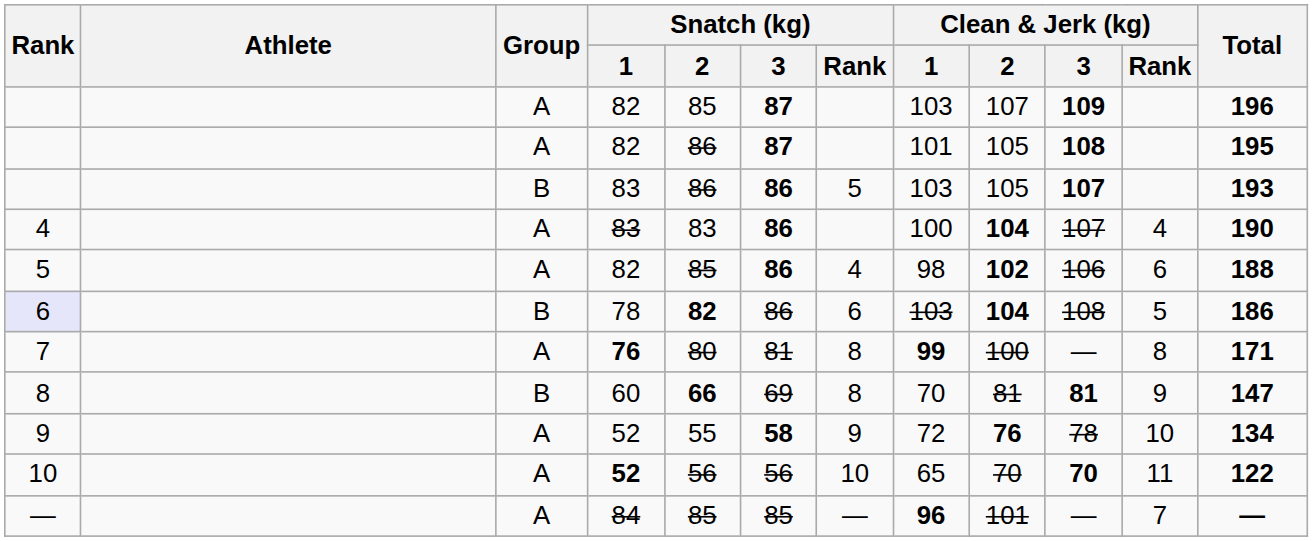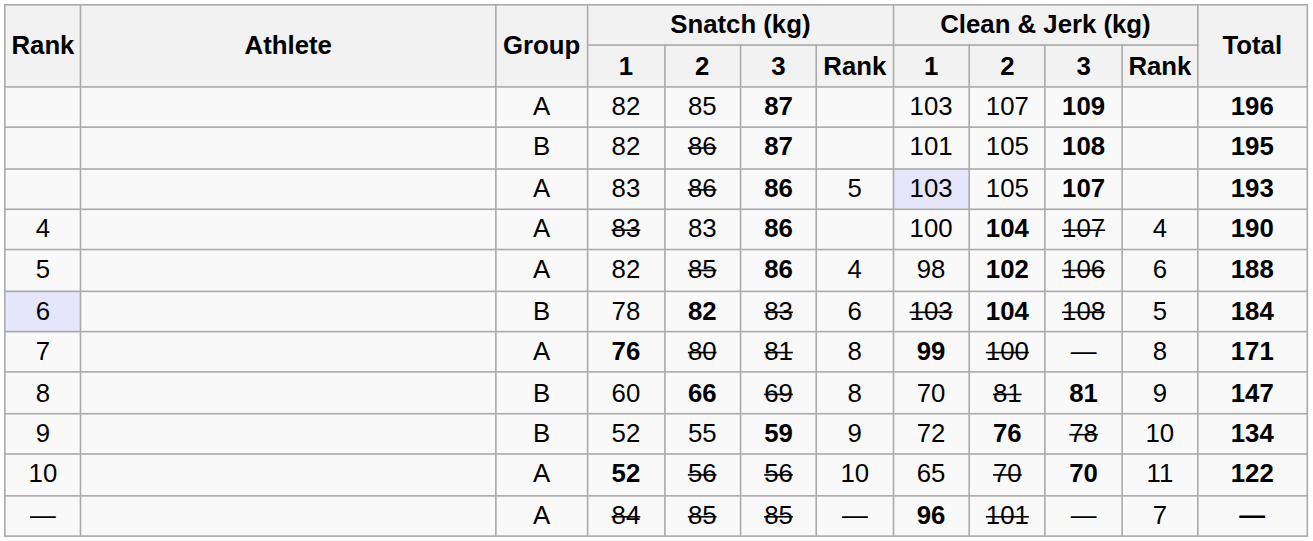 <table class = "wikitable" style="text-align:center;">
 <tr>
 <th rowspan=2 width=40>Rank</th>
 <th rowspan=2 width=250>Athlete</th>
 <th rowspan=2 width=50>Group</th>
 <th colspan=4>Snatch (kg)</th>
 <th colspan=4>Clean & Jerk (kg)</th>
 <th rowspan=2 width=60>Total</th>
 </tr>
 <tr>
 <th width=40>1</th>
 <th width=40>2</th>
 <th width=40>3</th>
 <th width=40>Rank</th>
 <th width=40>1</th>
 <th width=40>2</th>
 <th width=40>3</th>
 <th width=40>Rank</th>
 </tr>
 <tr>
 <td></td>
 <td align=left></td>
 <td>A</td>
 <td>82</td>
 <td>85</td>
 <td><strong>87</strong></td>
 <td></td>
 <td>103</td>
 <td>107</td>
 <td><strong>109</strong></td>
 <td></td>
 <td><strong>196</strong></td>
 </tr>
 <tr>
 <td></td>
 <td align=left></td>
-<td>A</td>
+<td>B</td>
 <td>82</td>
 <td><s>86</s></td>
 <td><strong>87</strong></td>
 <td></td>
 <td>101</td>
 <td>105</td>
 <td><strong>108</strong></td>
 <td></td>
 <td><strong>195</strong></td>
 </tr>
 <tr>
 <td></td>
 <td align=left></td>
-<td>B</td>
+<td>A</td>
 <td>83</td>
 <td><s>86</s></td>
 <td><strong>86</strong></td>
 <td>5</td>
-<td>103</td>
+<td style="background: lavender;">103</td>
 <td>105</td>
 <td><strong>107</strong></td>
 <td></td>
 <td><strong>193</strong></td>
 </tr>
 <tr>
 <td>4</td>
 <td align=left></td>
 <td>A</td>
 <td><s>83</s></td>
 <td>83</td>
 <td><strong>86</strong></td>
 <td></td>
 <td>100</td>
 <td><strong>104</strong></td>
 <td><s>107</s></td>
 <td>4</td>
 <td><strong>190</strong></td>
 </tr>
 <tr>
 <td>5</td>
 <td align=left></td>
 <td>A</td>
 <td>82</td>
 <td><s>85</s></td>
 <td><strong>86</strong></td>
 <td>4</td>
 <td>98</td>
 <td><strong>102</strong></td>
 <td><s>106</s></td>
 <td>6</td>
 <td><strong>188</strong></td>
 </tr>
 <tr>
 <td style="background: lavender;">6</td>
 <td align=left></td>
 <td>B</td>
 <td>78</td>
 <td><strong>82</strong></td>
-<td><s>86</s></td>
+<td><s>83</s></td>
 <td>6</td>
 <td><s>103</s></td>
 <td><strong>104</strong></td>
 <td><s>108</s></td>
 <td>5</td>
-<td><strong>186</strong></td>
+<td><strong>184</strong></td>
 </tr>
 <tr>
 <td>7</td>
 <td align=left></td>
 <td>A</td>
 <td><strong>76</strong></td>
 <td><s>80</s></td>
 <td><s>81</s></td>
 <td>8</td>
 <td><strong>99</strong></td>
 <td><s>100</s></td>
 <td>—</td>
 <td>8</td>
 <td><strong>171</strong></td>
 </tr>
 <tr>
 <td>8</td>
 <td align=left></td>
 <td>B</td>
 <td>60</td>
 <td><strong>66</strong></td>
 <td><s>69</s></td>
 <td>8</td>
 <td>70</td>
 <td><s>81</s></td>
 <td><strong>81</strong></td>
 <td>9</td>
 <td><strong>147</strong></td>
 </tr>
 <tr>
 <td>9</td>
 <td align=left></td>
-<td>A</td>
+<td>B</td>
 <td>52</td>
 <td>55</td>
-<td><strong>58</strong></td>
+<td><strong>59</strong></td>
 <td>9</td>
 <td>72</td>
 <td><strong>76</strong></td>
 <td><s>78</s></td>
 <td>10</td>
 <td><strong>134</strong></td>
 </tr>
 <tr>
 <td>10</td>
 <td align=left></td>
 <td>A</td>
 <td><strong>52</strong></td>
 <td><s>56</s></td>
 <td><s>56</s></td>
 <td>10</td>
 <td>65</td>
 <td><s>70</s></td>
 <td><strong>70</strong></td>
 <td>11</td>
 <td><strong>122</strong></td>
 </tr>
 <tr>
 <td>—</td>
 <td align=left></td>
 <td>A</td>
 <td><s>84</s></td>
 <td><s>85</s></td>
 <td><s>85</s></td>
 <td>—</td>
 <td><strong>96</strong></td>
 <td><s>101</s></td>
 <td>—</td>
 <td>7</td>
 <td><strong>—</strong></td>
 </tr>
 </table>
